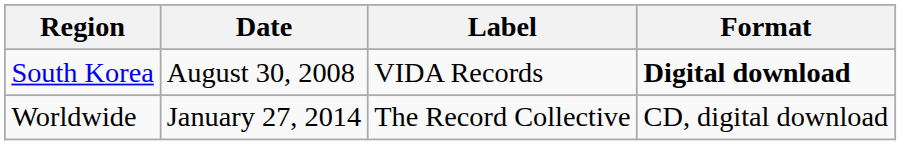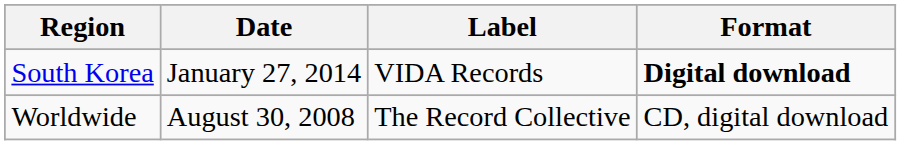 <table class="wikitable">
 <tr>
 <th>Region</th>
 <th>Date</th>
 <th>Label</th>
 <th>Format</th>
 </tr>
 <tr>
 <td><a href='#'>South Korea</a></td>
-<td>August 30, 2008</td>
+<td>January 27, 2014</td>
 <td>VIDA Records</td>
 <td><strong>Digital download</strong></td>
 </tr>
 <tr>
 <td>Worldwide</td>
-<td>January 27, 2014</td>
+<td>August 30, 2008</td>
 <td rowspan="3">The Record Collective</td>
 <td rowspan="3">CD, digital download</td>
 </tr>
 </table>
